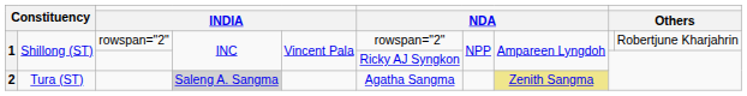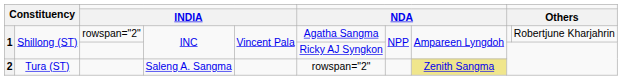 <table class="wikitable sortable" style="text-align:center;">
 <tr>
 <th colspan="2" rowspan="2">Constituency</th>
 <td colspan="3"></td>
 <td colspan="3"></td>
 <td colspan="3"></td>
 </tr>
 <tr>
 <th colspan="3"><a href='#'>INDIA</a></th>
 <th colspan="3"><a href='#'>NDA</a></th>
 <th colspan="3">Others</th>
 </tr>
 <tr>
 <th rowspan="2">1</th>
 <td rowspan="2"><a href='#'>Shillong (ST)</a></td>
 <td>rowspan="2"</td>
 <td rowspan="2"><a href='#'>INC</a></td>
 <td rowspan="2"><a href='#'>Vincent Pala</a></td>
-<td>rowspan="2"</td>
+<td><a href='#'>Agatha Sangma</a></td>
 <td rowspan="2"><a href='#'>NPP</a></td>
 <td rowspan="2"><a href='#'>Ampareen Lyngdoh</a></td>
 <td></td>
 <td>Robertjune Kharjahrin</td>
 </tr>
 <tr>
 <td></td>
 <td><a href='#'>Ricky AJ Syngkon</a></td>
 </tr>
 <tr>
 <th>2</th>
 <td><a href='#'>Tura (ST)</a></td>
 <td></td>
-<td style="background: lightgrey;"><a href='#'>Saleng A. Sangma</a></td>
+<td><a href='#'>Saleng A. Sangma</a></td>
 <td></td>
-<td><a href='#'>Agatha Sangma</a></td>
+<td>rowspan="2"</td>
 <td></td>
 <td style="background: khaki;"><a href='#'>Zenith Sangma</a></td>
 </tr>
 </table>
